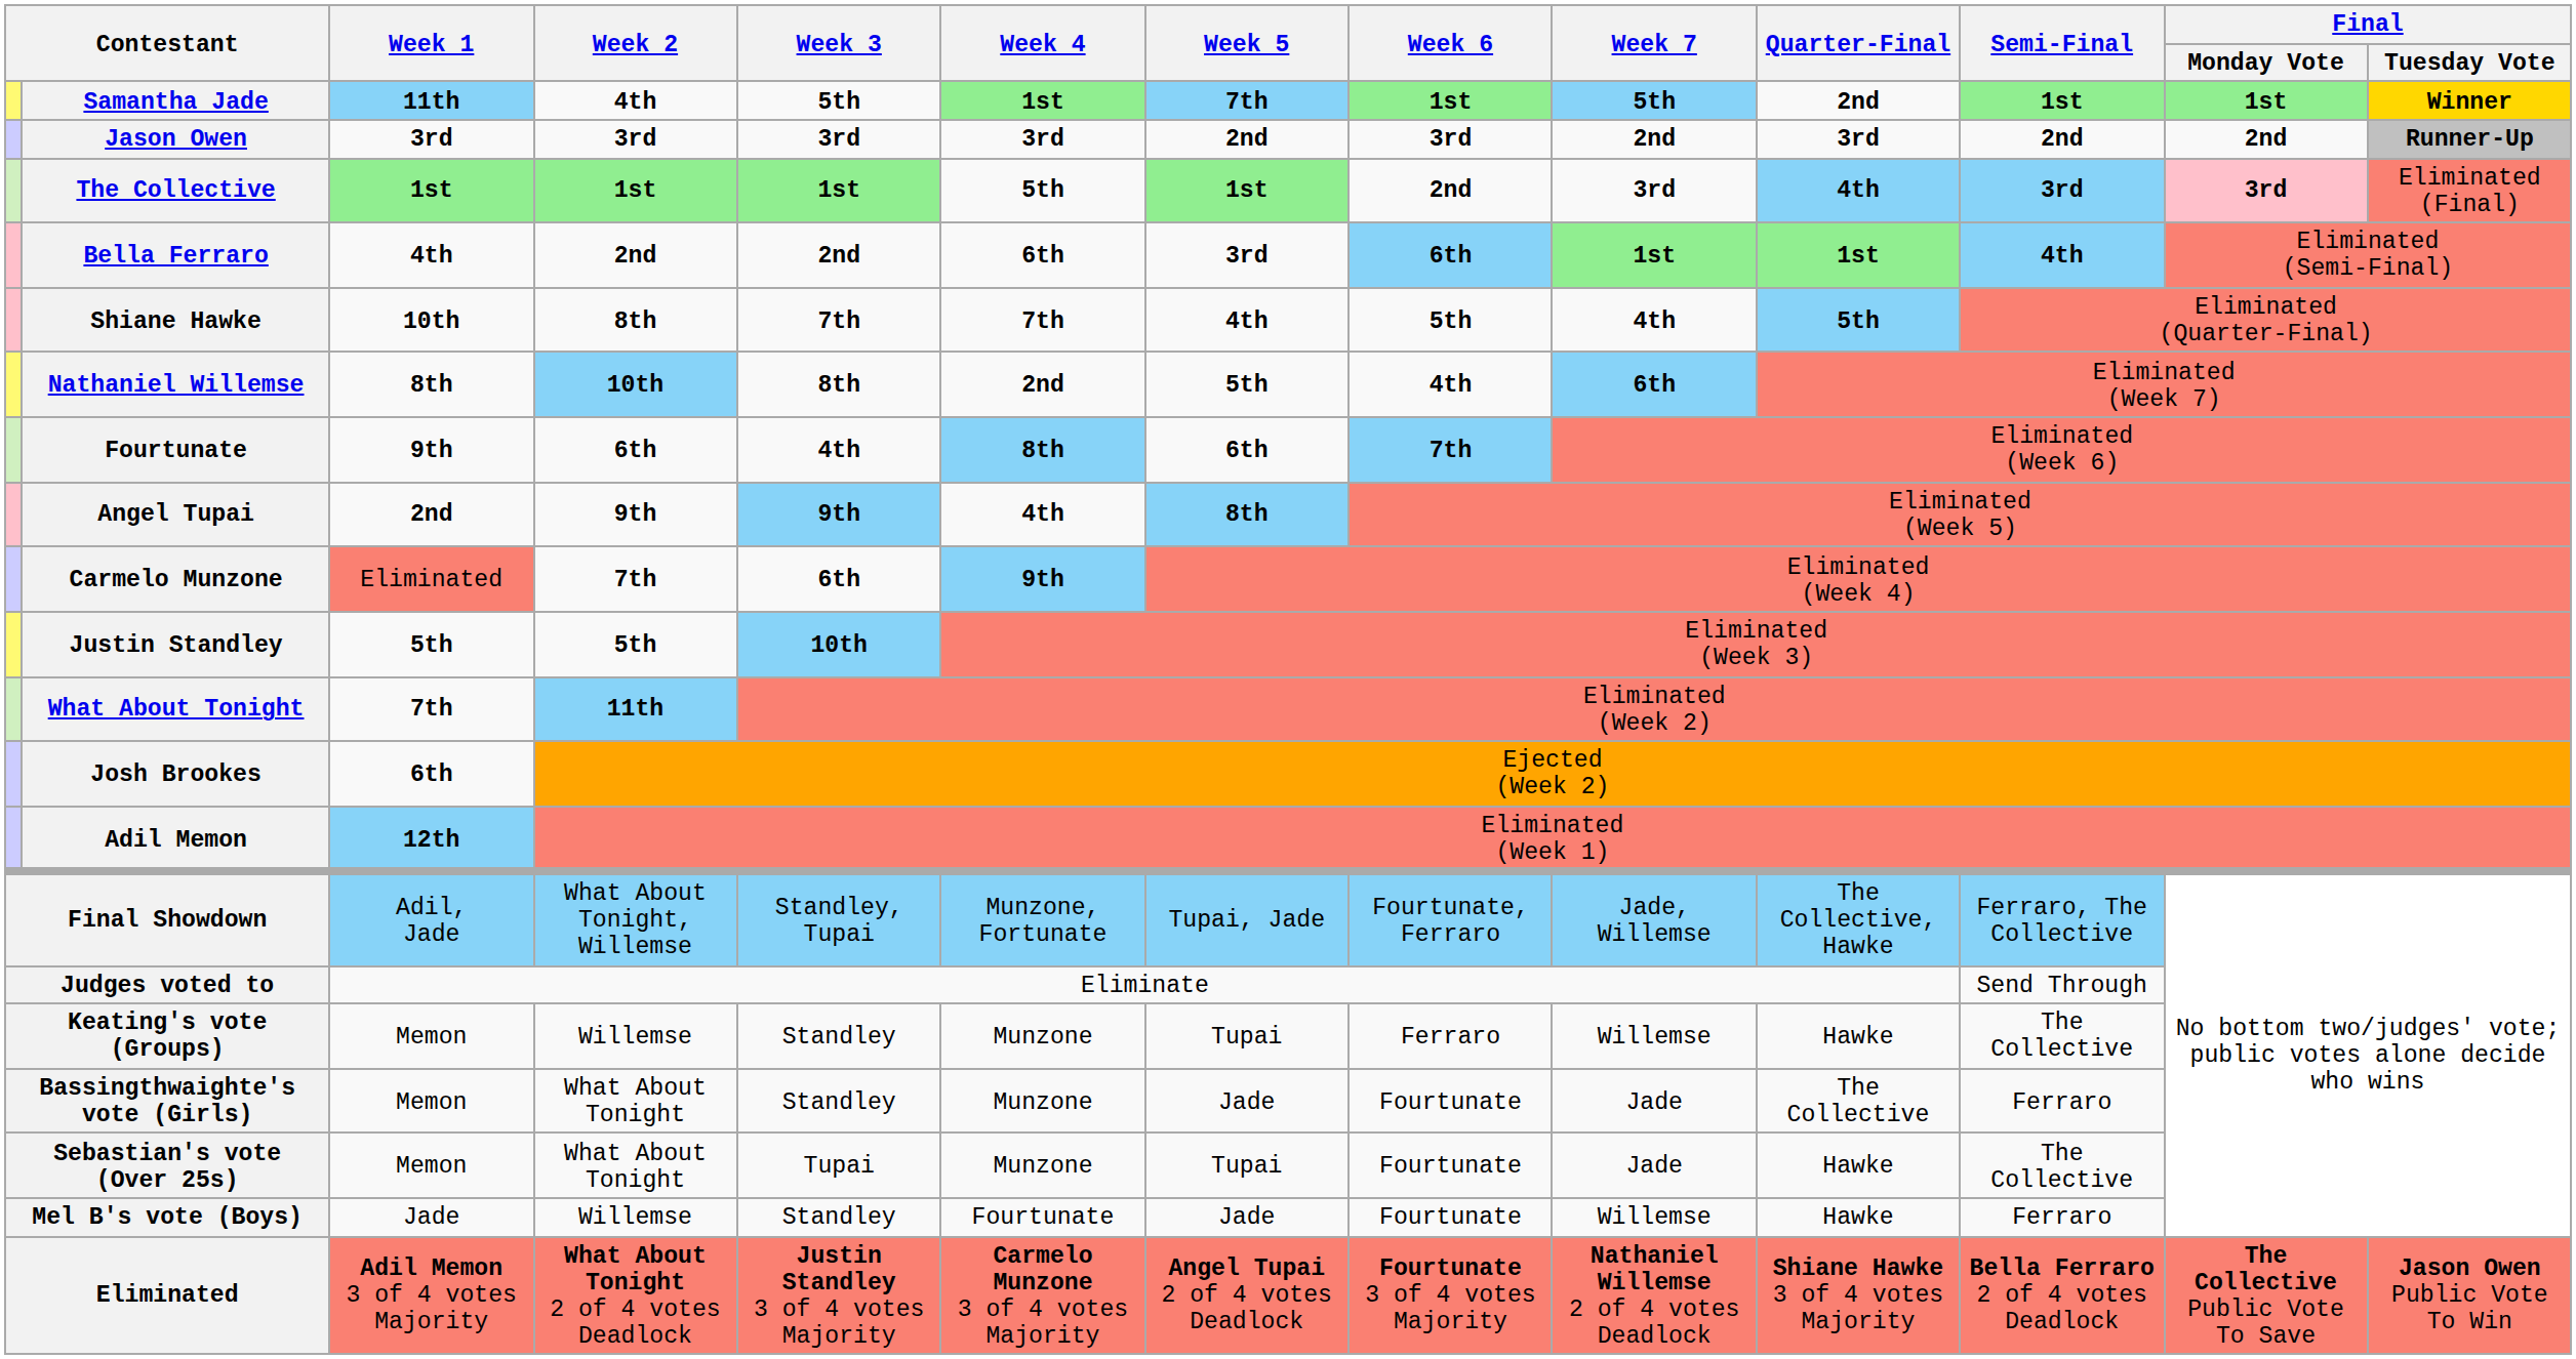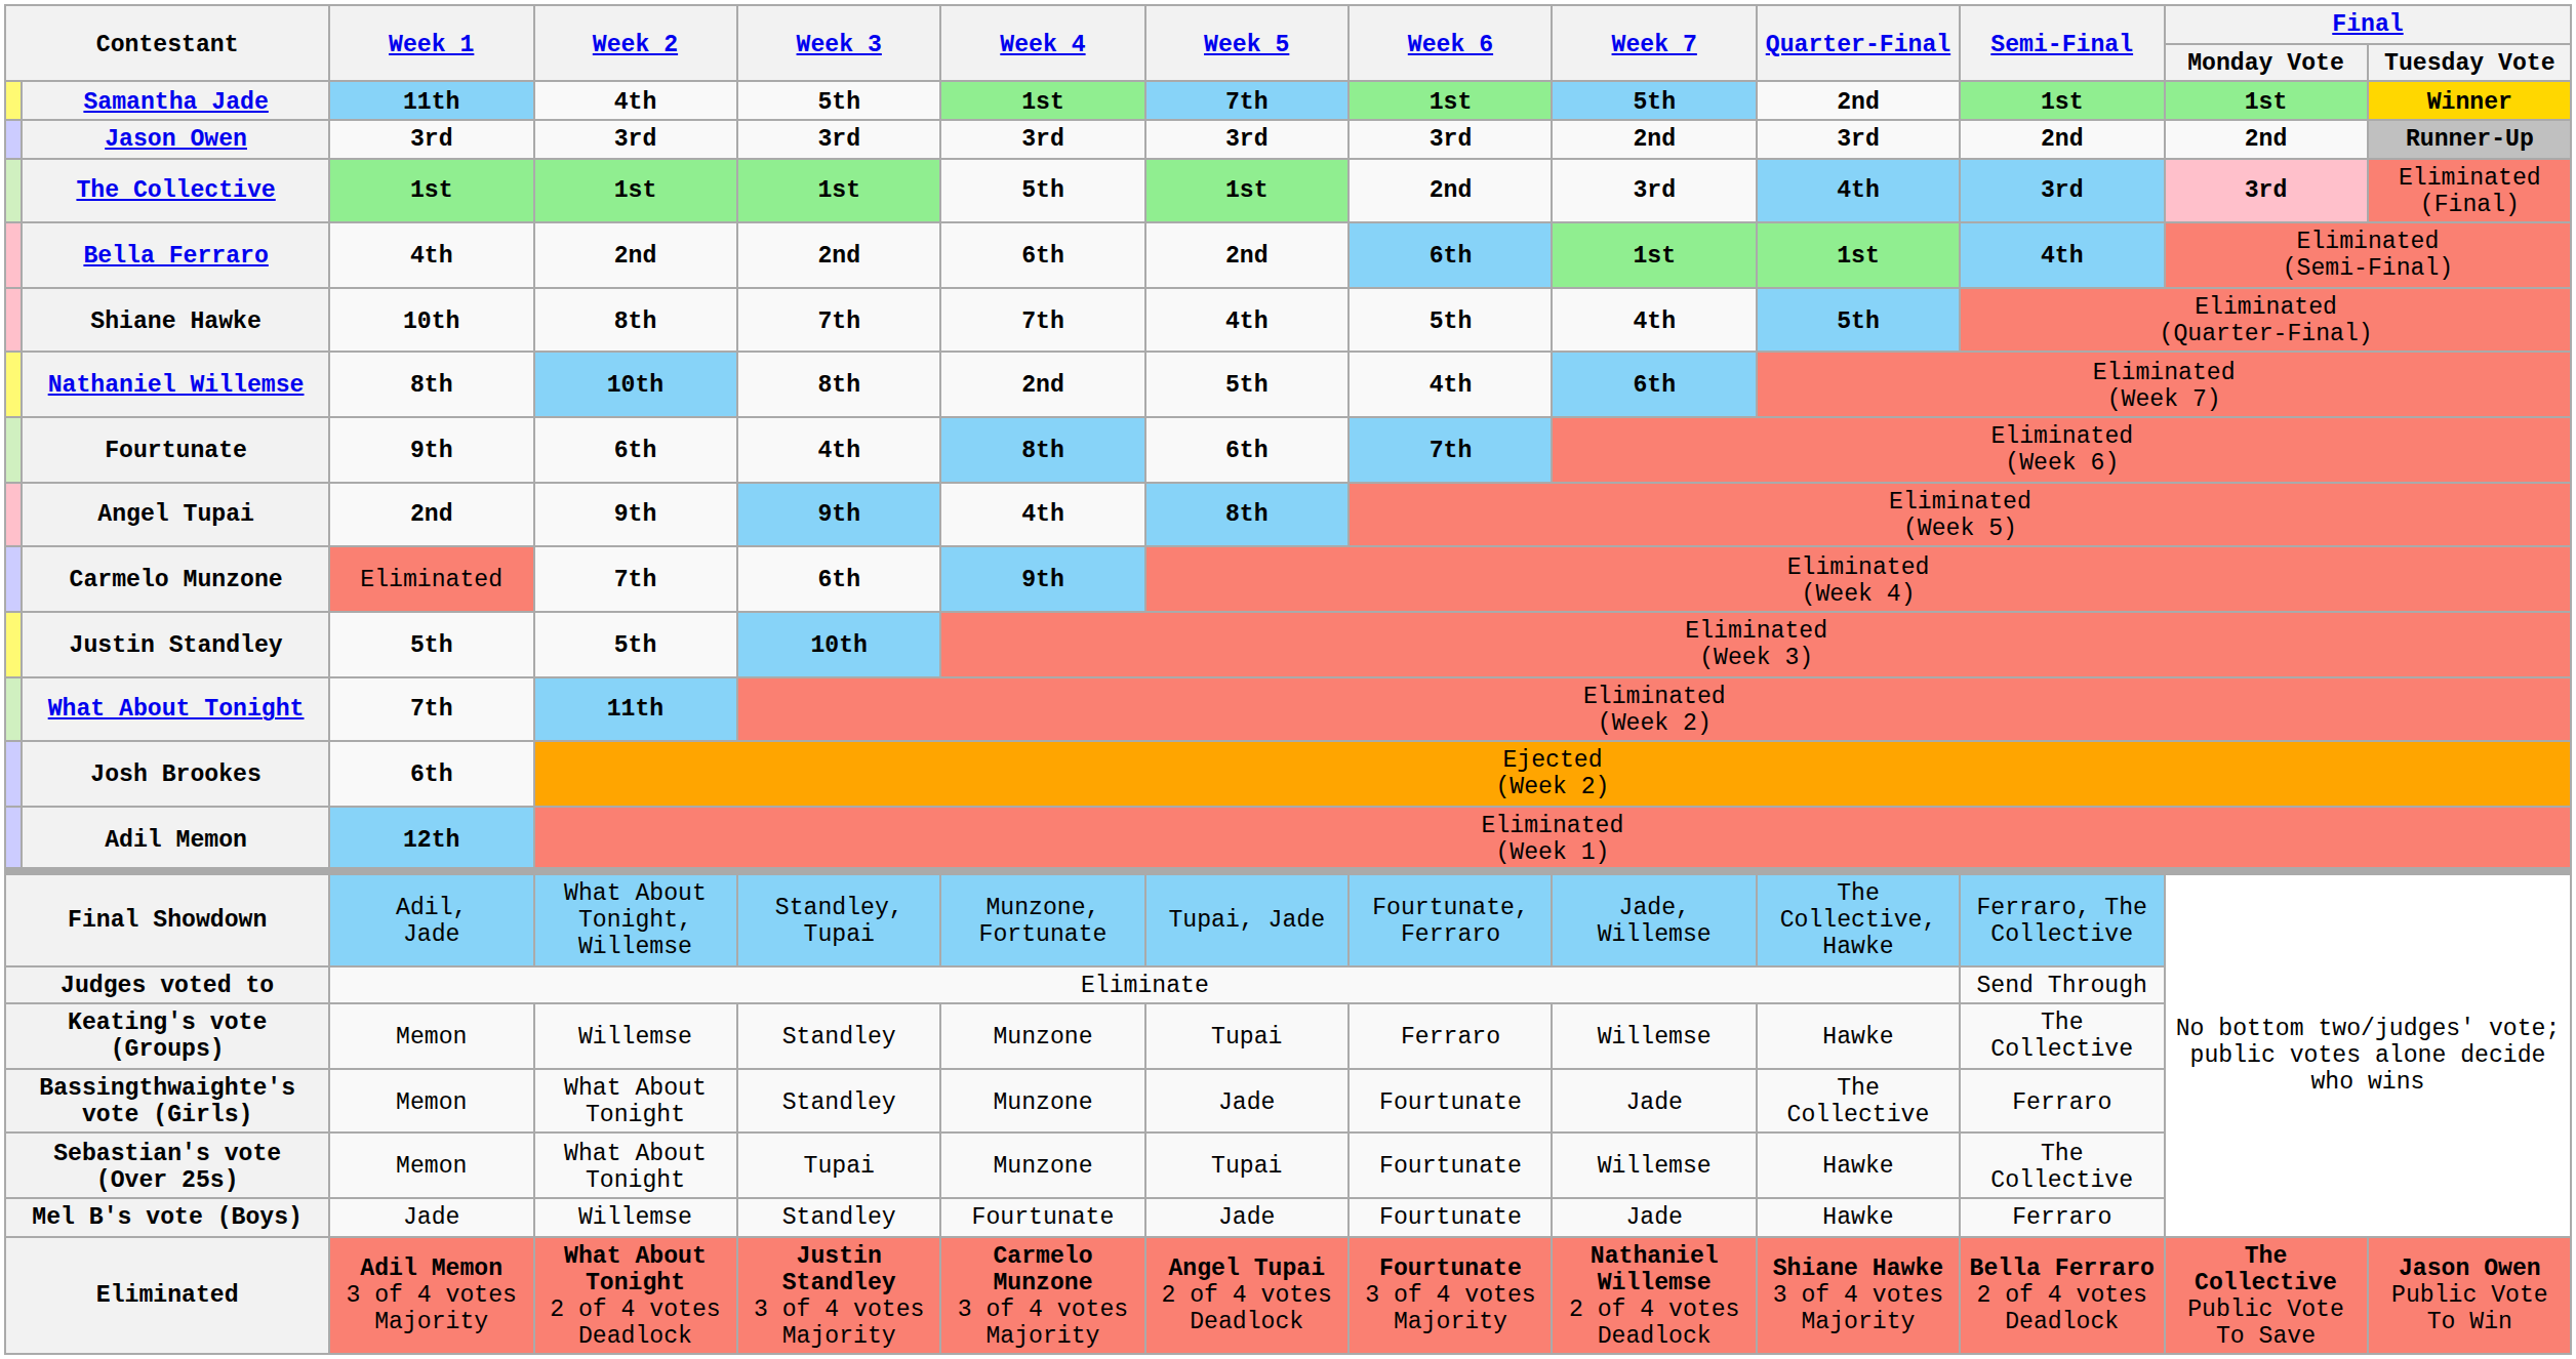 <table class="wikitable" style="text-align:center; font-size:89%">
 <tr>
 <th style="width:11%" rowspan=2 scope="col" colspan=2>Contestant</th>
 <th style="width:7%" rowspan=2 scope="col"><a href='#'>Week 1</a></th>
 <th style="width:7%" rowspan=2 scope="col"><a href='#'>Week 2</a></th>
 <th style="width:7%" rowspan=2 scope="col"><a href='#'>Week 3</a></th>
 <th style="width:7%" rowspan=2 scope="col"><a href='#'>Week 4</a></th>
 <th style="width:7%" rowspan=2 scope="col"><a href='#'>Week 5</a></th>
 <th style="width:7%" rowspan=2 scope="col"><a href='#'>Week 6</a></th>
 <th style="width:7%" rowspan=2 scope="col"><a href='#'>Week 7</a></th>
 <th style="width:7%" rowspan=2 scope="col"><a href='#'>Quarter-Final</a></th>
 <th style="width:7%" rowspan=2 scope="col"><a href='#'>Semi-Final</a></th>
 <th colspan=2><a href='#'>Final</a></th>
 </tr>
 <tr>
 <th style="width:7%">Monday Vote</th>
 <th style="width:7%">Tuesday Vote</th>
 </tr>
 <tr>
 <th style="background:#fffa73"></th>
 <th scope="row"><a href='#'>Samantha Jade</a></th>
 <td style="background:#87d3f8;"><strong>11th</strong></td>
 <td><strong>4th</strong></td>
 <td><strong>5th</strong></td>
 <td style="background:lightgreen"><strong>1st</strong></td>
 <td style="background:#87d3f8;"><strong>7th</strong></td>
 <td style="background:lightgreen"><strong>1st</strong></td>
 <td style="background:#87d3f8;"><strong>5th</strong></td>
 <td><strong>2nd</strong></td>
 <td style="background:lightgreen"><strong>1st</strong></td>
 <td style="background:lightgreen"><strong>1st</strong></td>
 <td style="background:gold"><strong>Winner</strong></td>
 </tr>
 <tr>
 <th style="background:#ccf"></th>
 <th scope="row"><a href='#'>Jason Owen</a></th>
 <td><strong>3rd</strong></td>
 <td><strong>3rd</strong></td>
 <td><strong>3rd</strong></td>
 <td><strong>3rd</strong></td>
-<td><strong>2nd</strong></td>
+<td><strong>3rd</strong></td>
 <td><strong>3rd</strong></td>
 <td><strong>2nd</strong></td>
 <td><strong>3rd</strong></td>
 <td><strong>2nd</strong></td>
 <td><strong>2nd</strong></td>
 <td style="background:#C0C0C0"><strong>Runner-Up</strong></td>
 </tr>
 <tr>
 <th style="background:#d0f0c0"></th>
 <th scope="row"><a href='#'>The Collective</a></th>
 <td style="background:lightgreen"><strong>1st</strong></td>
 <td style="background:lightgreen"><strong>1st</strong></td>
 <td style="background:lightgreen"><strong>1st</strong></td>
 <td><strong>5th</strong></td>
 <td style="background:lightgreen"><strong>1st</strong></td>
 <td><strong>2nd</strong></td>
 <td><strong>3rd</strong></td>
 <td style="background:#87d3f8;"><strong>4th</strong></td>
 <td style="background:#87d3f8;"><strong>3rd</strong></td>
 <td style="background:pink"><strong>3rd</strong></td>
 <td style="background:#FA8072">Eliminated<br>(Final)</td>
 </tr>
 <tr>
 <th style="background:pink"></th>
 <th scope="row"><a href='#'>Bella Ferraro</a></th>
 <td><strong>4th</strong></td>
 <td><strong>2nd</strong></td>
 <td><strong>2nd</strong></td>
 <td><strong>6th</strong></td>
-<td><strong>3rd</strong></td>
+<td><strong>2nd</strong></td>
 <td style="background:#87d3f8;"><strong>6th</strong></td>
 <td style="background:lightgreen"><strong>1st</strong></td>
 <td style="background:lightgreen"><strong>1st</strong></td>
 <td style="background:#87d3f8;"><strong>4th</strong></td>
 <td style="background:#FA8072" colspan="2">Eliminated<br>(Semi-Final)</td>
 </tr>
 <tr>
 <th style="background:pink"></th>
 <th scope="row">Shiane Hawke</th>
 <td><strong>10th</strong></td>
 <td><strong>8th</strong></td>
 <td><strong>7th</strong></td>
 <td><strong>7th</strong></td>
 <td><strong>4th</strong></td>
 <td><strong>5th</strong></td>
 <td><strong>4th</strong></td>
 <td style="background:#87d3f8;"><strong>5th</strong></td>
 <td colspan="3" style="background:#FA8072">Eliminated<br>(Quarter-Final)</td>
 </tr>
 <tr>
 <th style="background:#fffa73"></th>
 <th scope="row"><a href='#'>Nathaniel Willemse</a></th>
 <td><strong>8th</strong></td>
 <td style="background:#87d3f8;"><strong>10th</strong></td>
 <td><strong>8th</strong></td>
 <td><strong>2nd</strong></td>
 <td><strong>5th</strong></td>
 <td><strong>4th</strong></td>
 <td style="background:#87d3f8;"><strong>6th</strong></td>
 <td style="background:#FA8072" colspan="4">Eliminated<br>(Week 7)</td>
 </tr>
 <tr>
 <th style="background:#d0f0c0"></th>
 <th scope="row">Fourtunate</th>
 <td><strong>9th</strong></td>
 <td><strong>6th</strong></td>
 <td><strong>4th</strong></td>
 <td style="background:#87d3f8;"><strong>8th</strong></td>
 <td><strong>6th</strong></td>
 <td style="background:#87d3f8;"><strong>7th</strong></td>
 <td colspan="5" style="background:#FA8072">Eliminated<br>(Week 6)</td>
 </tr>
 <tr>
 <th style="background:pink"></th>
 <th scope="row">Angel Tupai</th>
 <td><strong>2nd</strong></td>
 <td><strong>9th</strong></td>
 <td style="background:#87d3f8;"><strong>9th</strong></td>
 <td><strong>4th</strong></td>
 <td style="background:#87d3f8;"><strong>8th</strong></td>
 <td style="background:#FA8072" colspan="6">Eliminated<br>(Week 5)</td>
 </tr>
 <tr>
 <th style="background:#ccf"></th>
 <th scope="row">Carmelo Munzone</th>
 <td style="background:#FA8072">Eliminated<br></td>
 <td><strong>7th</strong></td>
 <td><strong>6th</strong></td>
 <td style="background:#87d3f8;"><strong>9th</strong></td>
 <td colspan="7" style="background:#FA8072">Eliminated<br>(Week 4)</td>
 </tr>
 <tr>
 <th style="background:#fffa73"></th>
 <th scope="row">Justin Standley</th>
 <td><strong>5th</strong></td>
 <td><strong>5th</strong></td>
 <td style="background:#87d3f8;"><strong>10th</strong></td>
 <td colspan="8" style="background:#FA8072">Eliminated<br>(Week 3)</td>
 </tr>
 <tr>
 <th style="background:#d0f0c0"></th>
 <th scope="row"><a href='#'>What About Tonight</a></th>
 <td><strong>7th</strong></td>
 <td style="background:#87d3f8;"><strong>11th</strong></td>
 <td style="background:#FA8072" colspan="9">Eliminated<br>(Week 2)</td>
 </tr>
 <tr>
 <th style="background:#ccf"></th>
 <th scope="row">Josh Brookes</th>
 <td><strong>6th</strong></td>
 <td style="background:orange" colspan="10">Ejected<br>(Week 2)</td>
 </tr>
 <tr>
 <th style="background:#ccf"></th>
 <th scope="row">Adil Memon</th>
 <td style="background:#87d3f8;"><strong>12th</strong></td>
 <td colspan="10" style="background:#FA8072">Eliminated<br>(Week 1)</td>
 </tr>
 <tr>
 </tr>
 <tr style="background:#87D3F8; border-top: 4px solid #aaaaaa;">
 <th scope="row" colspan="2" rowspan="1">Final Showdown</th>
 <td style="background:#87D3F8">Adil, <br> Jade</td>
 <td style="background:#87D3F8">What About Tonight, Willemse</td>
 <td style="background:#87D3F8">Standley, Tupai</td>
 <td style="background:#87D3F8">Munzone, Fortunate</td>
 <td style="background:#87D3F8">Tupai, Jade</td>
 <td style="background:#87D3F8">Fourtunate, Ferraro</td>
 <td style="background:#87D3F8">Jade, Willemse</td>
 <td style="background:#87D3F8">The Collective, Hawke</td>
 <td style="background:#87D3F8">Ferraro, The Collective</td>
 <td style="background:#FFFFFF;" rowspan="6" colspan="2">No bottom two/judges' vote; public votes alone decide who wins</td>
 </tr>
 <tr>
 <th scope="row" colspan=2>Judges voted to</th>
 <td colspan=8>Eliminate</td>
 <td>Send Through</td>
 </tr>
 <tr>
 <th scope="row" colspan=2>Keating's vote (Groups)</th>
 <td>Memon</td>
 <td>Willemse</td>
 <td>Standley</td>
 <td>Munzone</td>
 <td>Tupai</td>
 <td>Ferraro</td>
 <td>Willemse</td>
 <td>Hawke</td>
 <td>The Collective</td>
 </tr>
 <tr>
 <th scope="row" colspan=2>Bassingthwaighte's vote (Girls)</th>
 <td>Memon</td>
 <td>What About Tonight</td>
 <td>Standley</td>
 <td>Munzone</td>
 <td>Jade</td>
 <td>Fourtunate</td>
 <td>Jade</td>
 <td>The Collective</td>
 <td>Ferraro</td>
 </tr>
 <tr>
 <th scope="row" colspan=2>Sebastian's vote (Over 25s)</th>
 <td>Memon</td>
 <td>What About Tonight</td>
 <td>Tupai</td>
 <td>Munzone</td>
 <td>Tupai</td>
 <td>Fourtunate</td>
-<td>Jade</td>
+<td>Willemse</td>
 <td>Hawke</td>
 <td>The Collective</td>
 </tr>
 <tr>
 <th scope="row" colspan=2>Mel B's vote (Boys)</th>
 <td>Jade</td>
 <td>Willemse</td>
 <td>Standley</td>
 <td>Fourtunate</td>
 <td>Jade</td>
 <td>Fourtunate</td>
-<td>Willemse</td>
+<td>Jade</td>
 <td>Hawke</td>
 <td>Ferraro</td>
 </tr>
 <tr style="background:#FA8072;">
 <th scope="row" rowspan="4" colspan=2>Eliminated</th>
 <td style="background:#FA8072" rowspan="3"><strong>Adil Memon</strong><br>3 of 4 votes<br>Majority</td>
 <td style="background:#FA8072" rowspan="3"><strong>What About Tonight</strong><br>2 of 4 votes<br>Deadlock</td>
 <td style="background:#FA8072" rowspan="3"><strong>Justin Standley</strong><br>3 of 4 votes<br>Majority</td>
 <td style="background:#FA8072" rowspan="3"><strong>Carmelo Munzone</strong><br>3 of 4 votes<br>Majority</td>
 <td style="background:#FA8072" rowspan="3"><strong>Angel Tupai</strong><br>2 of 4 votes<br>Deadlock</td>
 <td style="background:#FA8072" rowspan="3"><strong>Fourtunate</strong><br>3 of 4 votes<br>Majority</td>
 <td style="background:#FA8072" rowspan="3"><strong>Nathaniel Willemse</strong><br>2 of 4 votes<br>Deadlock</td>
 <td style="background:#FA8072" rowspan="3"><strong>Shiane Hawke</strong><br>3 of 4 votes<br>Majority</td>
 <td style="background:#FA8072" rowspan="3"><strong>Bella Ferraro</strong><br>2 of 4 votes<br>Deadlock</td>
 <td style="background:#FA8072" rowspan="3"><strong>The Collective</strong><br>Public Vote To Save</td>
 <td style="background:#FA8072" rowspan="3"><strong>Jason Owen</strong><br>Public Vote To Win</td>
 </tr>
 </table>
